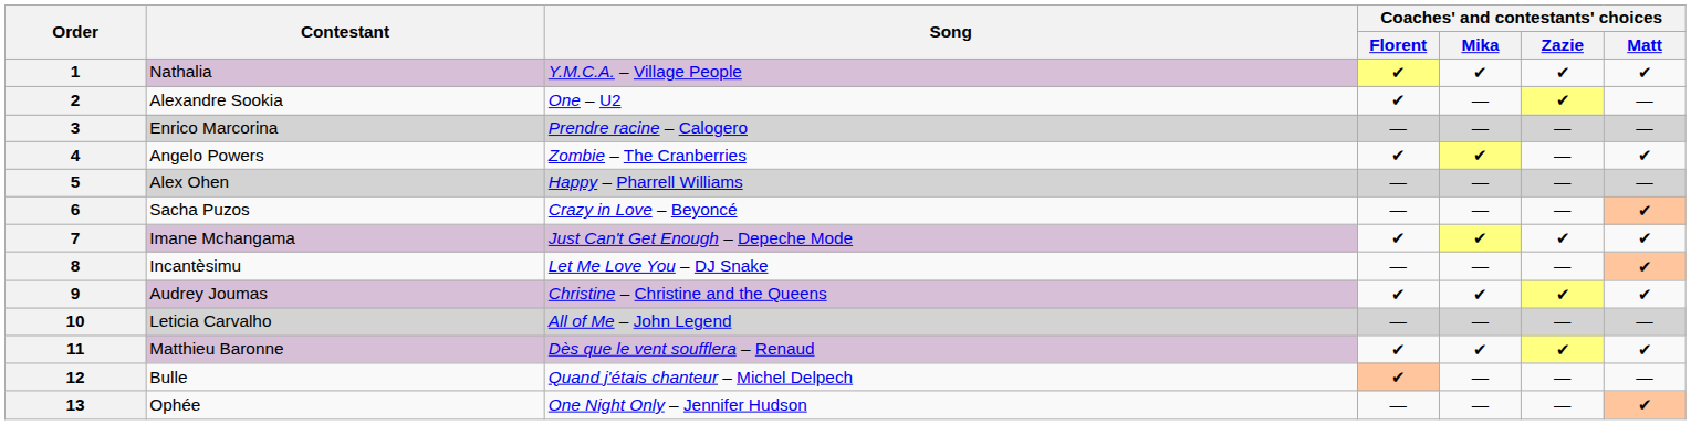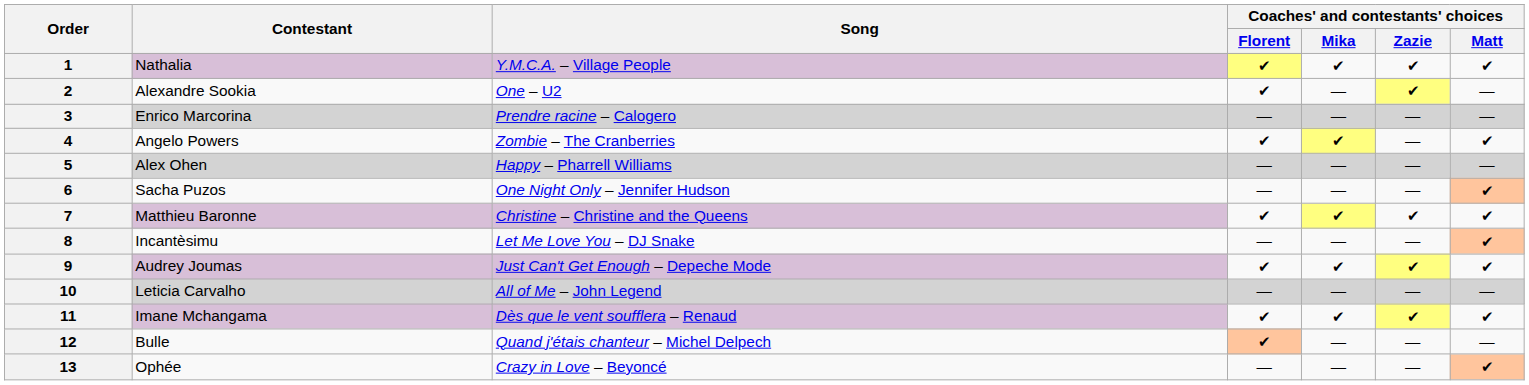 <table class="wikitable" style="width:100%;">
 <tr>
 <th scope=col rowspan="2">Order</th>
 <th scope=col rowspan="2">Contestant</th>
 <th scope=col rowspan="2">Song</th>
 <th scope=col colspan="4">Coaches' and contestants' choices</th>
 </tr>
 <tr>
 <th scope=col width="70"><a href='#'>Florent</a></th>
 <th scope=col width="70"><a href='#'>Mika</a></th>
 <th scope=col width="70"><a href='#'>Zazie</a></th>
 <th scope=col width="70"><a href='#'>Matt</a></th>
 </tr>
 <tr>
 <th scope=row>1</th>
 <td style="background:thistle">Nathalia</td>
 <td style="background:thistle"><em><a href='#'>Y.M.C.A.</a></em> – <a href='#'>Village People</a></td>
 <td style="background:#FFFF80;text-align:center;">✔</td>
 <td style="text-align:center;">✔</td>
 <td style="text-align:center;">✔</td>
 <td style="text-align:center;">✔</td>
 </tr>
 <tr>
 <th scope=row>2</th>
 <td>Alexandre Sookia</td>
 <td><em><a href='#'>One</a></em> – <a href='#'>U2</a></td>
 <td style="text-align:center;">✔</td>
 <td style="text-align:center;">—</td>
 <td style="background:#FFFF80;text-align:center;">✔</td>
 <td style="text-align:center;">—</td>
 </tr>
 <tr style="background:lightgrey;">
 <th scope=row>3</th>
 <td>Enrico Marcorina</td>
 <td><em><a href='#'>Prendre racine</a></em> – <a href='#'>Calogero</a></td>
 <td style="text-align:center;">—</td>
 <td style="text-align:center;">—</td>
 <td style="text-align:center;">—</td>
 <td style="text-align:center;">—</td>
 </tr>
 <tr>
 <th scope=row>4</th>
 <td>Angelo Powers</td>
 <td><em><a href='#'>Zombie</a></em> – <a href='#'>The Cranberries</a></td>
 <td style="text-align:center;">✔</td>
 <td style="background:#FFFF80;text-align:center;">✔</td>
 <td style="text-align:center;">—</td>
 <td style="text-align:center;">✔</td>
 </tr>
 <tr style="background:lightgrey;">
 <th scope=row>5</th>
 <td>Alex Ohen</td>
 <td><em><a href='#'>Happy</a></em> – <a href='#'>Pharrell Williams</a></td>
 <td style="text-align:center;">—</td>
 <td style="text-align:center;">—</td>
 <td style="text-align:center;">—</td>
 <td style="text-align:center;">—</td>
 </tr>
 <tr>
 <th scope=row>6</th>
 <td>Sacha Puzos</td>
-<td><em><a href='#'>Crazy in Love</a></em> – <a href='#'>Beyoncé</a></td>
+<td><em><a href='#'>One Night Only</a></em> – <a href='#'>Jennifer Hudson</a></td>
 <td style="text-align:center;">—</td>
 <td style="text-align:center;">—</td>
 <td style="text-align:center;">—</td>
 <td style="background:#FFC59D;text-align:center;">✔</td>
 </tr>
 <tr>
 <th scope=row>7</th>
-<td style="background:thistle">Imane Mchangama</td>
-<td style="background:thistle"><em><a href='#'>Just Can't Get Enough</a></em> – <a href='#'>Depeche Mode</a></td>
+<td style="background:thistle">Matthieu Baronne</td>
+<td style="background:thistle"><em><a href='#'>Christine</a></em> – <a href='#'>Christine and the Queens</a></td>
 <td style="text-align:center;">✔</td>
 <td style="background:#FFFF80;text-align:center;">✔</td>
 <td style="text-align:center;">✔</td>
 <td style="text-align:center;">✔</td>
 </tr>
 <tr>
 <th scope=row>8</th>
 <td>Incantèsimu</td>
 <td><em><a href='#'>Let Me Love You</a></em> – <a href='#'>DJ Snake</a></td>
 <td style="text-align:center;">—</td>
 <td style="text-align:center;">—</td>
 <td style="text-align:center;">—</td>
 <td style="background:#FFC59D;text-align:center;">✔</td>
 </tr>
 <tr>
 <th scope=row>9</th>
 <td style="background:thistle">Audrey Joumas</td>
-<td style="background:thistle"><em><a href='#'>Christine</a></em> – <a href='#'>Christine and the Queens</a></td>
+<td style="background:thistle"><em><a href='#'>Just Can't Get Enough</a></em> – <a href='#'>Depeche Mode</a></td>
 <td style="text-align:center;">✔</td>
 <td style="text-align:center;">✔</td>
 <td style="background:#FFFF80;text-align:center;">✔</td>
 <td style="text-align:center;">✔</td>
 </tr>
 <tr style="background:lightgrey;">
 <th scope=row>10</th>
 <td>Leticia Carvalho</td>
 <td><em><a href='#'>All of Me</a></em> – <a href='#'>John Legend</a></td>
 <td style="text-align:center;">—</td>
 <td style="text-align:center;">—</td>
 <td style="text-align:center;">—</td>
 <td style="text-align:center;">—</td>
 </tr>
 <tr>
 <th scope=row>11</th>
-<td style="background:thistle">Matthieu Baronne</td>
+<td style="background:thistle">Imane Mchangama</td>
 <td style="background:thistle"><em><a href='#'>Dès que le vent soufflera</a></em> – <a href='#'>Renaud</a></td>
 <td style="text-align:center;">✔</td>
 <td style="text-align:center;">✔</td>
 <td style="background:#FFFF80;text-align:center;">✔</td>
 <td style="text-align:center;">✔</td>
 </tr>
 <tr>
 <th scope=row>12</th>
 <td>Bulle</td>
 <td><em><a href='#'>Quand j'étais chanteur</a></em> – <a href='#'>Michel Delpech</a></td>
 <td style="background:#FFC59D;text-align:center;">✔</td>
 <td style="text-align:center;">—</td>
 <td style="text-align:center;">—</td>
 <td style="text-align:center;">—</td>
 </tr>
 <tr>
 <th scope=row>13</th>
 <td>Ophée</td>
-<td><em><a href='#'>One Night Only</a></em> – <a href='#'>Jennifer Hudson</a></td>
+<td><em><a href='#'>Crazy in Love</a></em> – <a href='#'>Beyoncé</a></td>
 <td style="text-align:center;">—</td>
 <td style="text-align:center;">—</td>
 <td style="text-align:center;">—</td>
 <td style="background:#FFC59D;text-align:center;">✔</td>
 </tr>
 </table>
